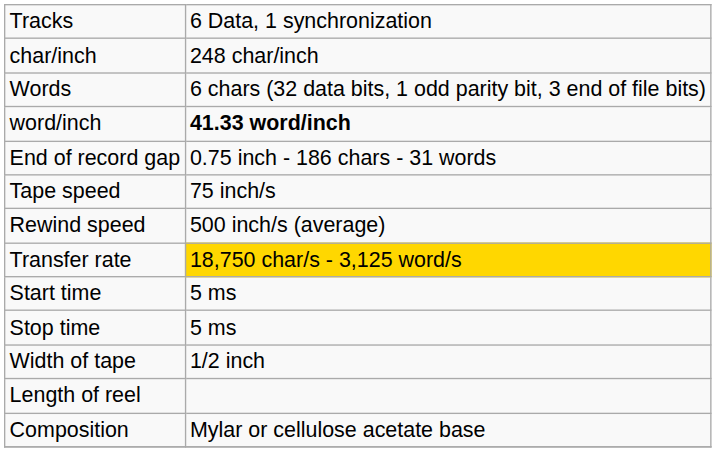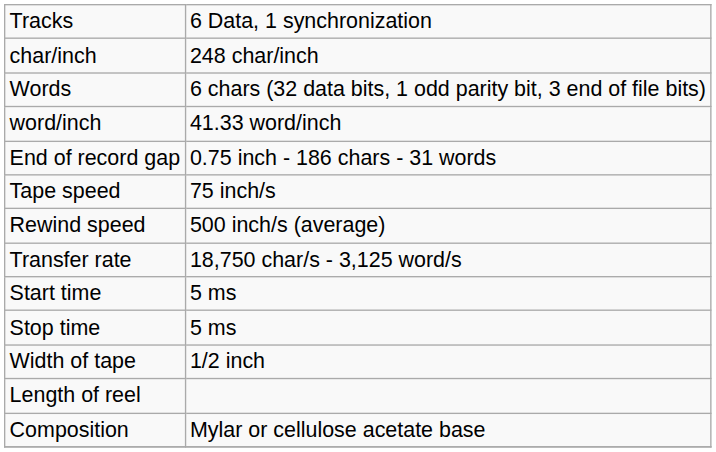 <table class="wikitable">
 <tr>
 <td>Tracks</td>
 <td>6 Data, 1 synchronization</td>
 </tr>
 <tr>
 <td>char/inch</td>
 <td>248 char/inch</td>
 </tr>
 <tr>
 <td>Words</td>
 <td>6 chars (32 data bits, 1 odd parity bit, 3 end of file bits)</td>
 </tr>
 <tr>
 <td>word/inch</td>
-<td><strong>41.33 word/inch</strong></td>
+<td>41.33 word/inch</td>
 </tr>
 <tr>
 <td>End of record gap</td>
 <td>0.75 inch - 186 chars - 31 words</td>
 </tr>
 <tr>
 <td>Tape speed</td>
 <td>75 inch/s</td>
 </tr>
 <tr>
 <td>Rewind speed</td>
 <td>500 inch/s (average)</td>
 </tr>
 <tr>
 <td>Transfer rate</td>
-<td style="background: gold;">18,750 char/s - 3,125 word/s</td>
+<td>18,750 char/s - 3,125 word/s</td>
 </tr>
 <tr>
 <td>Start time</td>
 <td>5 ms</td>
 </tr>
 <tr>
 <td>Stop time</td>
 <td>5 ms</td>
 </tr>
 <tr>
 <td>Width of tape</td>
 <td>1/2 inch</td>
 </tr>
 <tr>
 <td>Length of reel</td>
 <td></td>
 </tr>
 <tr>
 <td>Composition</td>
 <td>Mylar or cellulose acetate base</td>
 </tr>
 <tr>
 </tr>
 </table>
